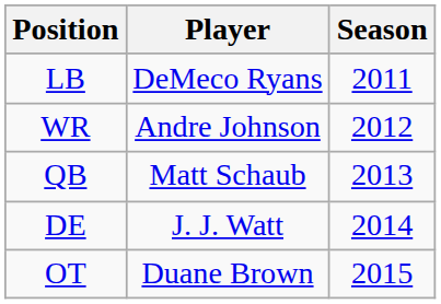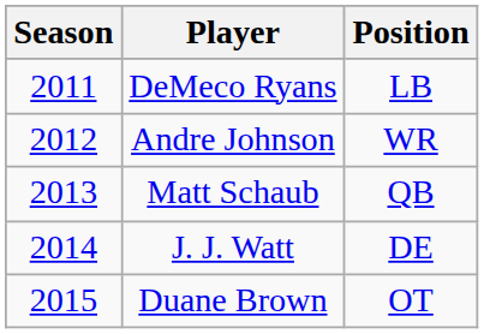 <table class="wikitable" style="text-align:center">
 <tr bgcolor="#efefef">
+<th>Season</th>
+<th>Player</th>
 <th>Position</th>
-<th>Player</th>
-<th>Season</th>
 </tr>
 <tr>
+<td><a href='#'>2011</a></td>
+<td><a href='#'>DeMeco Ryans</a></td>
 <td><a href='#'>LB</a></td>
-<td><a href='#'>DeMeco Ryans</a></td>
-<td><a href='#'>2011</a></td>
 </tr>
 <tr>
+<td><a href='#'>2012</a></td>
+<td><a href='#'>Andre Johnson</a></td>
 <td><a href='#'>WR</a></td>
-<td><a href='#'>Andre Johnson</a></td>
-<td><a href='#'>2012</a></td>
 </tr>
 <tr>
+<td><a href='#'>2013</a></td>
+<td><a href='#'>Matt Schaub</a></td>
 <td><a href='#'>QB</a></td>
-<td><a href='#'>Matt Schaub</a></td>
-<td><a href='#'>2013</a></td>
 </tr>
 <tr>
+<td><a href='#'>2014</a></td>
+<td><a href='#'>J. J. Watt</a></td>
 <td><a href='#'>DE</a></td>
-<td><a href='#'>J. J. Watt</a></td>
-<td><a href='#'>2014</a></td>
 </tr>
 <tr>
+<td><a href='#'>2015</a></td>
+<td><a href='#'>Duane Brown</a></td>
 <td><a href='#'>OT</a></td>
-<td><a href='#'>Duane Brown</a></td>
-<td><a href='#'>2015</a></td>
 </tr>
 </table>
